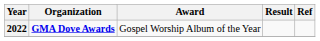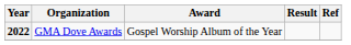 <table class="wikitable plainrowheaders">
 <tr>
 <th>Year</th>
 <th>Organization</th>
 <th>Award</th>
 <th>Result</th>
 <th>Ref</th>
 </tr>
 <tr>
 <th scope="row">2022</th>
-<td><strong><a href='#'>GMA Dove Awards</a></strong></td>
+<td><a href='#'>GMA Dove Awards</a></td>
 <td>Gospel Worship Album of the Year</td>
 <td></td>
 <td></td>
 </tr>
 <tr>
 </tr>
 </table>
